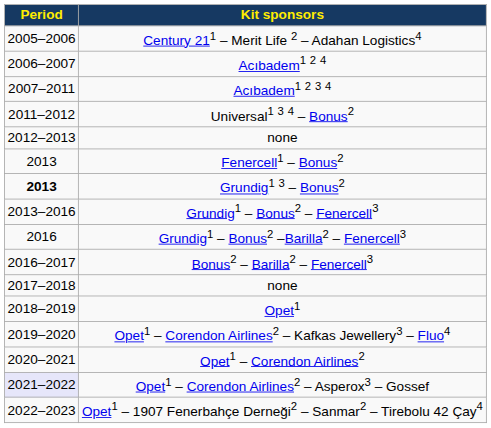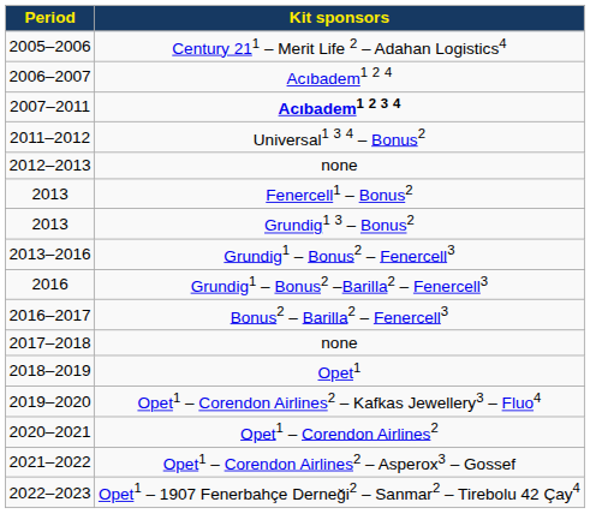 <table class="wikitable" style="text-align: center">
 <tr>
 <th style="color:#FFED00; background:#163962;">Period</th>
 <th style="color:#FFED00; background:#163962;">Kit sponsors</th>
 </tr>
 <tr>
 <td>2005–2006</td>
 <td><a href='#'>Century 21</a><sup>1</sup> – Merit Life <sup>2</sup> – Adahan Logistics<sup>4</sup></td>
 </tr>
 <tr>
 <td>2006–2007</td>
 <td><a href='#'>Acıbadem</a><sup>1</sup> <sup>2</sup> <sup>4</sup></td>
 </tr>
 <tr>
 <td>2007–2011</td>
-<td><a href='#'>Acıbadem</a><sup>1</sup> <sup>2</sup> <sup>3</sup> <sup>4</sup></td>
+<td><strong><a href='#'>Acıbadem</a><sup>1</sup> <sup>2</sup> <sup>3</sup> <sup>4</sup></strong></td>
 </tr>
 <tr>
 <td>2011–2012</td>
 <td>Universal<sup>1</sup> <sup>3</sup> <sup>4</sup> – <a href='#'>Bonus</a><sup>2</sup></td>
 </tr>
 <tr>
 <td>2012–2013</td>
 <td>none</td>
 </tr>
 <tr>
 <td>2013</td>
 <td><a href='#'>Fenercell</a><sup>1</sup> – <a href='#'>Bonus</a><sup>2</sup></td>
 </tr>
 <tr>
-<td><strong>2013</strong></td>
+<td>2013</td>
 <td><a href='#'>Grundig</a><sup>1</sup> <sup>3</sup> – <a href='#'>Bonus</a><sup>2</sup></td>
 </tr>
 <tr>
 <td>2013–2016</td>
 <td><a href='#'>Grundig</a><sup>1</sup> – <a href='#'>Bonus</a><sup>2</sup> – <a href='#'>Fenercell</a><sup>3</sup></td>
 </tr>
 <tr>
 <td>2016</td>
 <td><a href='#'>Grundig</a><sup>1</sup> – <a href='#'>Bonus</a><sup>2</sup> –<a href='#'>Barilla</a><sup>2</sup> – <a href='#'>Fenercell</a><sup>3</sup></td>
 </tr>
 <tr>
 <td>2016–2017</td>
 <td><a href='#'>Bonus</a><sup>2</sup> – <a href='#'>Barilla</a><sup>2</sup> – <a href='#'>Fenercell</a><sup>3</sup></td>
 </tr>
 <tr>
 <td>2017–2018</td>
 <td>none</td>
 </tr>
 <tr>
 <td>2018–2019</td>
 <td><a href='#'>Opet</a><sup>1</sup></td>
 </tr>
 <tr>
 <td>2019–2020</td>
 <td><a href='#'>Opet</a><sup>1</sup> – <a href='#'>Corendon Airlines</a><sup>2</sup> – Kafkas Jewellery<sup>3</sup> – <a href='#'>Fluo</a><sup>4</sup></td>
 </tr>
 <tr>
 <td>2020–2021</td>
 <td><a href='#'>Opet</a><sup>1</sup> – <a href='#'>Corendon Airlines</a><sup>2</sup></td>
 </tr>
 <tr>
-<td style="background: lavender;">2021–2022</td>
+<td>2021–2022</td>
 <td><a href='#'>Opet</a><sup>1</sup> – <a href='#'>Corendon Airlines</a><sup>2</sup> – Asperox<sup>3</sup> – Gossef</td>
 </tr>
 <tr>
 <td>2022–2023</td>
 <td><a href='#'>Opet</a><sup>1</sup> – 1907 Fenerbahçe Derneği<sup>2</sup> – Sanmar<sup>2</sup> – Tirebolu 42 Çay<sup>4</sup></td>
 </tr>
 </table>
